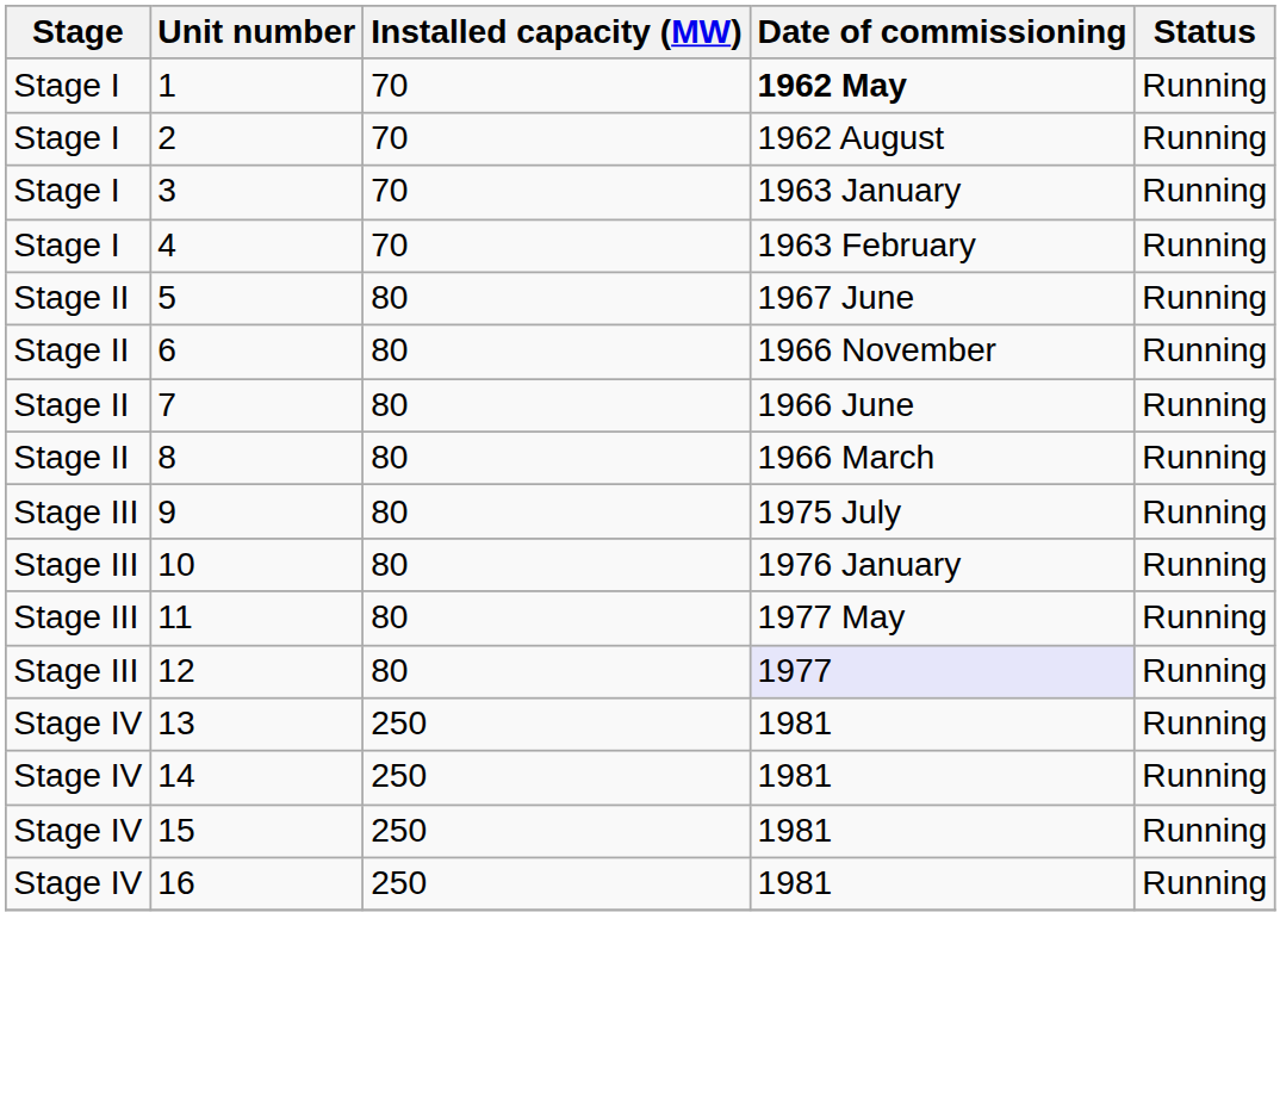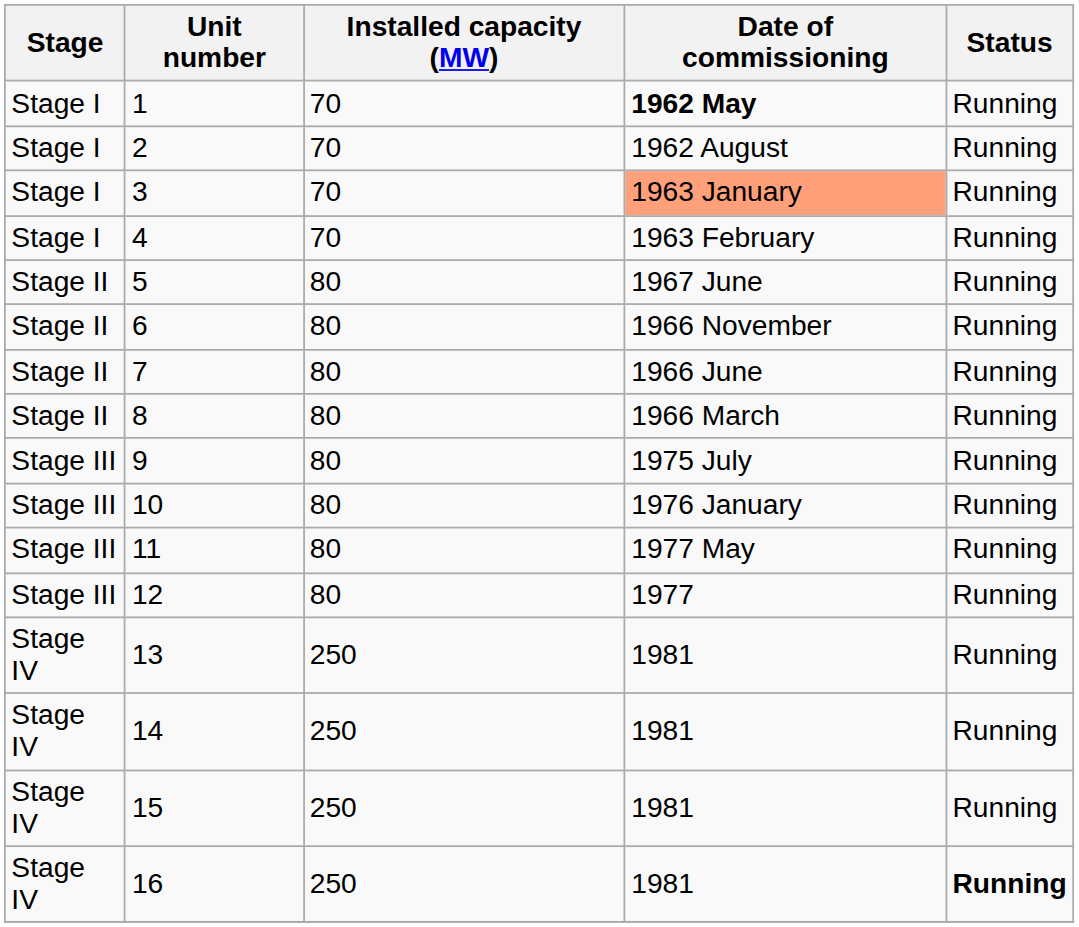 <table class="sortable wikitable">
 <tr>
 <th>Stage</th>
 <th>Unit number</th>
 <th>Installed capacity (<a href='#'>MW</a>)</th>
 <th>Date of commissioning</th>
 <th>Status</th>
 </tr>
 <tr>
 <td>Stage I</td>
 <td>1</td>
 <td>70</td>
 <td><strong>1962 May</strong></td>
 <td>Running </td>
 </tr>
 <tr>
 <td>Stage I</td>
 <td>2</td>
 <td>70</td>
 <td>1962 August</td>
 <td>Running</td>
 </tr>
 <tr>
 <td>Stage I</td>
 <td>3</td>
 <td>70</td>
-<td>1963 January</td>
+<td style="background: lightsalmon;">1963 January</td>
 <td>Running</td>
 </tr>
 <tr>
 <td>Stage I</td>
 <td>4</td>
 <td>70</td>
 <td>1963 February</td>
 <td>Running</td>
 </tr>
 <tr>
 <td>Stage II</td>
 <td>5</td>
 <td>80</td>
 <td>1967 June</td>
 <td>Running</td>
 </tr>
 <tr>
 <td>Stage II</td>
 <td>6</td>
 <td>80</td>
 <td>1966 November</td>
 <td>Running</td>
 </tr>
 <tr>
 <td>Stage II</td>
 <td>7</td>
 <td>80</td>
 <td>1966 June</td>
 <td>Running</td>
 </tr>
 <tr>
 <td>Stage II</td>
 <td>8</td>
 <td>80</td>
 <td>1966 March</td>
 <td>Running</td>
 </tr>
 <tr>
 <td>Stage III</td>
 <td>9</td>
 <td>80</td>
 <td>1975 July</td>
 <td>Running</td>
 </tr>
 <tr>
 <td>Stage III</td>
 <td>10</td>
 <td>80</td>
 <td>1976 January</td>
 <td>Running</td>
 </tr>
 <tr>
 <td>Stage III</td>
 <td>11</td>
 <td>80</td>
 <td>1977 May</td>
 <td>Running</td>
 </tr>
 <tr>
 <td>Stage III</td>
 <td>12</td>
 <td>80</td>
-<td style="background: lavender;">1977</td>
+<td>1977</td>
 <td>Running</td>
 </tr>
 <tr>
 <td>Stage IV</td>
 <td>13</td>
 <td>250</td>
 <td>1981</td>
 <td>Running</td>
 </tr>
 <tr>
 <td>Stage IV</td>
 <td>14</td>
 <td>250</td>
 <td>1981</td>
 <td>Running</td>
 </tr>
 <tr>
 <td>Stage IV</td>
 <td>15</td>
 <td>250</td>
 <td>1981</td>
 <td>Running</td>
 </tr>
 <tr>
 <td>Stage IV</td>
 <td>16</td>
 <td>250</td>
 <td>1981</td>
-<td>Running </td>
+<td><strong>Running </strong></td>
 </tr>
 <tr>
 </tr>
 </table>
